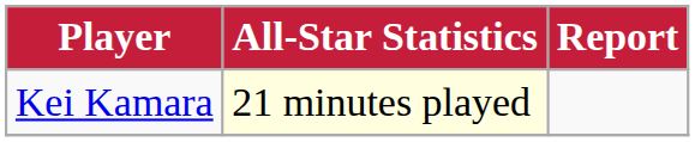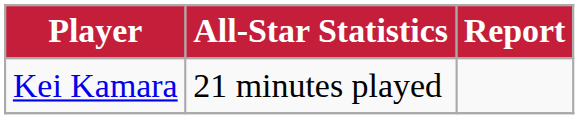 <table class=wikitable>
 <tr>
 <th style="background:#C41E3A; color:white; text-align:center;">Player</th>
 <th style="background:#C41E3A; color:white; text-align:center;">All-Star Statistics</th>
 <th style="background:#C41E3A; color:white; text-align:center;">Report</th>
 </tr>
 <tr>
 <td> <a href='#'>Kei Kamara</a></td>
-<td style="background: lightyellow;">21 minutes played</td>
+<td>21 minutes played</td>
 <td></td>
 </tr>
 <tr>
 </tr>
 </table>
